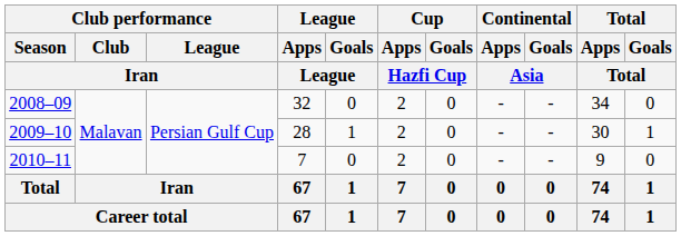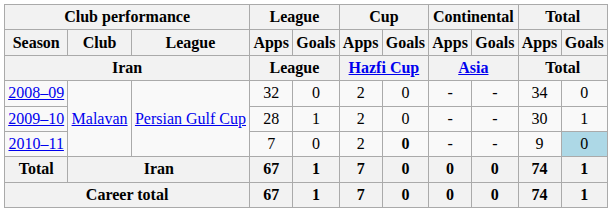 <table class="wikitable" style="text-align:center">
 <tr>
 <th colspan=3>Club performance</th>
 <th colspan=2>League</th>
 <th colspan=2>Cup</th>
 <th colspan=2>Continental</th>
 <th colspan=2>Total</th>
 </tr>
 <tr>
 <th>Season</th>
 <th>Club</th>
 <th>League</th>
 <th>Apps</th>
 <th>Goals</th>
 <th>Apps</th>
 <th>Goals</th>
 <th>Apps</th>
 <th>Goals</th>
 <th>Apps</th>
 <th>Goals</th>
 </tr>
 <tr>
 <th colspan=3>Iran</th>
 <th colspan=2>League</th>
 <th colspan=2><a href='#'>Hazfi Cup</a></th>
 <th colspan=2><a href='#'>Asia</a></th>
 <th colspan=2>Total</th>
 </tr>
 <tr>
 <td><a href='#'>2008–09</a></td>
 <td rowspan="3"><a href='#'>Malavan</a></td>
 <td rowspan="3"><a href='#'>Persian Gulf Cup</a></td>
 <td>32</td>
 <td>0</td>
 <td>2</td>
 <td>0</td>
 <td>-</td>
 <td>-</td>
 <td>34</td>
 <td>0</td>
 </tr>
 <tr>
 <td><a href='#'>2009–10</a></td>
 <td>28</td>
 <td>1</td>
 <td>2</td>
 <td>0</td>
 <td>-</td>
 <td>-</td>
 <td>30</td>
 <td>1</td>
 </tr>
 <tr>
 <td><a href='#'>2010–11</a></td>
 <td>7</td>
 <td>0</td>
 <td>2</td>
-<td>0</td>
+<td><strong>0</strong></td>
 <td>-</td>
 <td>-</td>
 <td>9</td>
-<td>0</td>
+<td style="background: lightblue;">0</td>
 </tr>
 <tr>
 <th rowspan=1>Total</th>
 <th colspan=2>Iran</th>
 <th>67</th>
 <th>1</th>
 <th>7</th>
 <th>0</th>
 <th>0</th>
 <th>0</th>
 <th>74</th>
 <th>1</th>
 </tr>
 <tr>
 <th colspan=3>Career total</th>
 <th>67</th>
 <th>1</th>
 <th>7</th>
 <th>0</th>
 <th>0</th>
 <th>0</th>
 <th>74</th>
 <th>1</th>
 </tr>
 </table>
